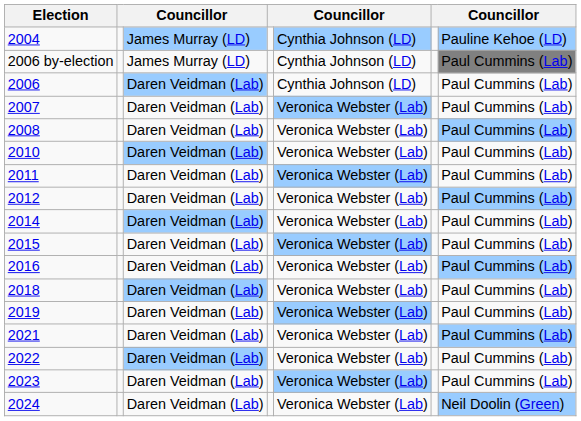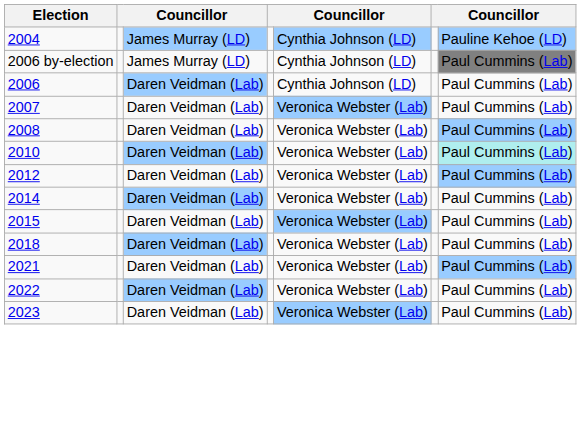 <table class="wikitable">
 <tr>
 <th>Election</th>
 <th colspan="2">Councillor</th>
 <th colspan="2">Councillor</th>
 <th colspan="2">Councillor</th>
 </tr>
 <tr>
 <td><a href='#'>2004</a></td>
 <td style="background-color: "></td>
 <td bgcolor="#99CCFF">James Murray (<a href='#'>LD</a>)</td>
 <td style="background-color: "></td>
 <td bgcolor="#99CCFF">Cynthia Johnson (<a href='#'>LD</a>)</td>
 <td style="background-color: "></td>
 <td bgcolor="#99CCFF">Pauline Kehoe (<a href='#'>LD</a>)</td>
 </tr>
 <tr>
 <td>2006 by-election</td>
 <td style="background-color: "></td>
 <td>James Murray (<a href='#'>LD</a>)</td>
 <td style="background-color: "></td>
 <td>Cynthia Johnson (<a href='#'>LD</a>)</td>
 <td style="background-color: "></td>
 <td bgcolor="#808080">Paul Cummins (<a href='#'>Lab</a>)</td>
 </tr>
 <tr>
 <td><a href='#'>2006</a></td>
 <td style="background-color: "></td>
 <td bgcolor="#99CCFF">Daren Veidman (<a href='#'>Lab</a>)</td>
 <td style="background-color: "></td>
 <td>Cynthia Johnson (<a href='#'>LD</a>)</td>
 <td style="background-color: "></td>
 <td>Paul Cummins (<a href='#'>Lab</a>)</td>
 </tr>
 <tr>
 <td><a href='#'>2007</a></td>
 <td style="background-color: "></td>
 <td>Daren Veidman (<a href='#'>Lab</a>)</td>
 <td style="background-color: "></td>
 <td bgcolor="#99CCFF">Veronica Webster (<a href='#'>Lab</a>)</td>
 <td style="background-color: "></td>
 <td>Paul Cummins (<a href='#'>Lab</a>)</td>
 </tr>
 <tr>
 <td><a href='#'>2008</a></td>
 <td style="background-color: "></td>
 <td>Daren Veidman (<a href='#'>Lab</a>)</td>
 <td style="background-color: "></td>
 <td>Veronica Webster (<a href='#'>Lab</a>)</td>
 <td style="background-color: "></td>
 <td bgcolor="#99CCFF">Paul Cummins (<a href='#'>Lab</a>)</td>
 </tr>
 <tr>
 <td><a href='#'>2010</a></td>
 <td style="background-color: "></td>
 <td bgcolor="#99CCFF">Daren Veidman (<a href='#'>Lab</a>)</td>
 <td style="background-color: "></td>
 <td>Veronica Webster (<a href='#'>Lab</a>)</td>
 <td style="background-color: "></td>
-<td>Paul Cummins (<a href='#'>Lab</a>)</td>
-</tr>
-<tr>
-<td><a href='#'>2011</a></td>
-<td style="background-color: "></td>
-<td>Daren Veidman (<a href='#'>Lab</a>)</td>
-<td style="background-color: "></td>
-<td bgcolor="#99CCFF">Veronica Webster (<a href='#'>Lab</a>)</td>
-<td style="background-color: "></td>
-<td>Paul Cummins (<a href='#'>Lab</a>)</td>
+<td style="background: paleturquoise;">Paul Cummins (<a href='#'>Lab</a>)</td>
 </tr>
 <tr>
 <td><a href='#'>2012</a></td>
 <td style="background-color: "></td>
 <td>Daren Veidman (<a href='#'>Lab</a>)</td>
 <td style="background-color: "></td>
 <td>Veronica Webster (<a href='#'>Lab</a>)</td>
 <td style="background-color: "></td>
 <td bgcolor="#99CCFF">Paul Cummins (<a href='#'>Lab</a>)</td>
 </tr>
 <tr>
 <td><a href='#'>2014</a></td>
 <td style="background-color: "></td>
 <td bgcolor="#99CCFF">Daren Veidman (<a href='#'>Lab</a>)</td>
 <td style="background-color: "></td>
 <td>Veronica Webster (<a href='#'>Lab</a>)</td>
 <td style="background-color: "></td>
 <td>Paul Cummins (<a href='#'>Lab</a>)</td>
 </tr>
 <tr>
 <td><a href='#'>2015</a></td>
 <td style="background-color: "></td>
 <td>Daren Veidman (<a href='#'>Lab</a>)</td>
 <td style="background-color: "></td>
 <td bgcolor="#99CCFF">Veronica Webster (<a href='#'>Lab</a>)</td>
 <td style="background-color: "></td>
 <td>Paul Cummins (<a href='#'>Lab</a>)</td>
 </tr>
 <tr>
-<td><a href='#'>2016</a></td>
-<td style="background-color: "></td>
-<td>Daren Veidman (<a href='#'>Lab</a>)</td>
-<td style="background-color: "></td>
-<td>Veronica Webster (<a href='#'>Lab</a>)</td>
-<td style="background-color: "></td>
-<td bgcolor="#99CCFF">Paul Cummins (<a href='#'>Lab</a>)</td>
-</tr>
-<tr>
 <td><a href='#'>2018</a></td>
 <td style="background-color: "></td>
 <td bgcolor="#99CCFF">Daren Veidman (<a href='#'>Lab</a>)</td>
 <td style="background-color: "></td>
 <td>Veronica Webster (<a href='#'>Lab</a>)</td>
-<td style="background-color: "></td>
-<td>Paul Cummins (<a href='#'>Lab</a>)</td>
-</tr>
-<tr>
-<td><a href='#'>2019</a></td>
-<td style="background-color: "></td>
-<td>Daren Veidman (<a href='#'>Lab</a>)</td>
-<td style="background-color: "></td>
-<td bgcolor="#99CCFF">Veronica Webster (<a href='#'>Lab</a>)</td>
 <td style="background-color: "></td>
 <td>Paul Cummins (<a href='#'>Lab</a>)</td>
 </tr>
 <tr>
 <td><a href='#'>2021</a></td>
 <td style="background-color: "></td>
 <td>Daren Veidman (<a href='#'>Lab</a>)</td>
 <td style="background-color: "></td>
 <td>Veronica Webster (<a href='#'>Lab</a>)</td>
 <td style="background-color: "></td>
 <td bgcolor="#99CCFF">Paul Cummins (<a href='#'>Lab</a>)</td>
 </tr>
 <tr>
 <td><a href='#'>2022</a></td>
 <td style="background-color: "></td>
 <td bgcolor="#99CCFF">Daren Veidman (<a href='#'>Lab</a>)</td>
 <td style="background-color: "></td>
 <td>Veronica Webster (<a href='#'>Lab</a>)</td>
 <td style="background-color: "></td>
 <td>Paul Cummins (<a href='#'>Lab</a>)</td>
 </tr>
 <tr>
 <td><a href='#'>2023</a></td>
 <td style="background-color: "></td>
 <td>Daren Veidman (<a href='#'>Lab</a>)</td>
 <td style="background-color: "></td>
 <td bgcolor="#99CCFF">Veronica Webster (<a href='#'>Lab</a>)</td>
 <td style="background-color: "></td>
 <td>Paul Cummins (<a href='#'>Lab</a>)</td>
 </tr>
-<tr>
-<td><a href='#'>2024</a></td>
-<td style="background-color: "></td>
-<td>Daren Veidman (<a href='#'>Lab</a>)</td>
-<td style="background-color: "></td>
-<td>Veronica Webster (<a href='#'>Lab</a>)</td>
-<td style="background-color: "></td>
-<td bgcolor="#99CCFF">Neil Doolin (<a href='#'>Green</a>)</td>
-</tr>
 </table>
